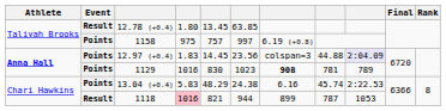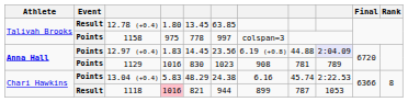 <table class="wikitable" style="font-size:90%">
 <tr>
 <th>Athlete</th>
 <th>Event</th>
 <th></th>
 <th></th>
 <th></th>
 <th></th>
 <th></th>
 <th></th>
 <th></th>
 <th>Final</th>
 <th>Rank</th>
 </tr>
 <tr align="center">
 <td rowspan="2" style="text-align:left"><a href='#'>Taliyah Brooks</a></td>
 <th style="font-size:95%">Result</th>
 <td>12.78 <small>(+0.4)</small> <strong></strong></td>
 <td>1.80</td>
 <td>13.45 <strong></strong></td>
 <td>63.85</td>
 <td><strong></strong></td>
 <td><strong></strong></td>
 <td></td>
 <td colspan="2" rowspan="2"><strong></strong></td>
 </tr>
 <tr align="center">
 <th style="font-size:95%">Points</th>
 <td>1158</td>
 <td>975</td>
-<td>757</td>
+<td>778</td>
 <td>997</td>
-<td>6.19 <small>(+0.8)</small></td>
+<td>colspan=3 </td>
 </tr>
 <tr align="center">
 <td rowspan="2" style="text-align:left"><strong><a href='#'>Anna Hall</a></strong></td>
 <th style="font-size:95%">Points</th>
 <td>12.97 <small>(+0.4)</small></td>
 <td>1.83</td>
 <td>14.45 <strong></strong></td>
 <td>23.56</td>
-<td>colspan=3 </td>
+<td>6.19 <small>(+0.8)</small></td>
 <td>44.88 <strong></strong></td>
 <td style="background: lavender;">2:04.09 <strong></strong></td>
 <td rowspan="2">6720</td>
 <td rowspan="2"></td>
 </tr>
 <tr align="center">
 <th style="font-size:95%">Points</th>
 <td>1129</td>
 <td>1016</td>
 <td>830</td>
 <td>1023</td>
-<td><strong>908</strong></td>
+<td>908</td>
 <td>781</td>
 <td>789</td>
 </tr>
 <tr align="center">
 <td rowspan="2" style="text-align:left"><a href='#'>Chari Hawkins</a></td>
 <th style="font-size:95%">Points</th>
 <td>13.04 <small>(+0.4)</small> <strong></strong></td>
 <td>5.83 <strong></strong></td>
 <td>48.29 <strong></strong></td>
 <td>24.38</td>
 <td>6.16 <strong></strong></td>
 <td>45.74 <strong></strong></td>
 <td>2:22.53</td>
 <td rowspan="2">6366 <strong></strong></td>
 <td rowspan="2">8</td>
 </tr>
 <tr align="center">
 <th style="font-size:95%">Result</th>
 <td>1118</td>
 <td style="background: pink;">1016</td>
 <td>821</td>
 <td>944</td>
 <td>899</td>
 <td>787</td>
 <td>1053</td>
 </tr>
 </table>
